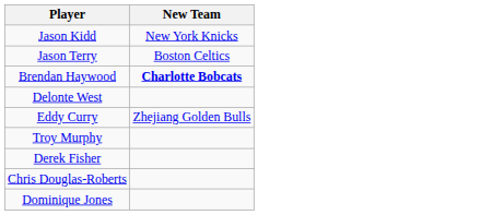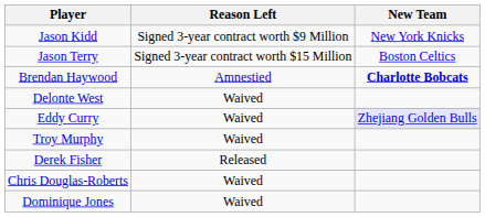 <table class="wikitable sortable sortable">
 <tr>
 <th>Player</th>
+<th>Reason Left</th>
 <th>New Team</th>
 </tr>
 <tr style="text-align: center">
 <td><a href='#'>Jason Kidd</a></td>
+<td>Signed 3-year contract worth $9 Million</td>
 <td><a href='#'>New York Knicks</a></td>
 </tr>
 <tr style="text-align: center">
 <td><a href='#'>Jason Terry</a></td>
+<td>Signed 3-year contract worth $15 Million</td>
 <td><a href='#'>Boston Celtics</a></td>
 </tr>
 <tr style="text-align: center">
 <td><a href='#'>Brendan Haywood</a></td>
+<td><a href='#'>Amnestied</a></td>
 <td><strong><a href='#'>Charlotte Bobcats</a></strong></td>
 </tr>
 <tr style="text-align: center">
 <td><a href='#'>Delonte West</a></td>
+<td>Waived</td>
 <td></td>
 </tr>
 <tr style="text-align: center">
 <td><a href='#'>Eddy Curry</a></td>
-<td><a href='#'>Zhejiang Golden Bulls</a></td>
+<td>Waived</td>
+<td style="background: lavender;"><a href='#'>Zhejiang Golden Bulls</a></td>
 </tr>
 <tr style="text-align: center">
 <td><a href='#'>Troy Murphy</a></td>
+<td>Waived</td>
 <td></td>
 </tr>
 <tr style="text-align: center">
 <td><a href='#'>Derek Fisher</a></td>
+<td>Released</td>
 <td></td>
 </tr>
 <tr style="text-align: center">
 <td><a href='#'>Chris Douglas-Roberts</a></td>
+<td>Waived</td>
 <td></td>
 </tr>
 <tr style="text-align: center">
 <td><a href='#'>Dominique Jones</a></td>
+<td>Waived</td>
 <td></td>
 </tr>
 </table>
